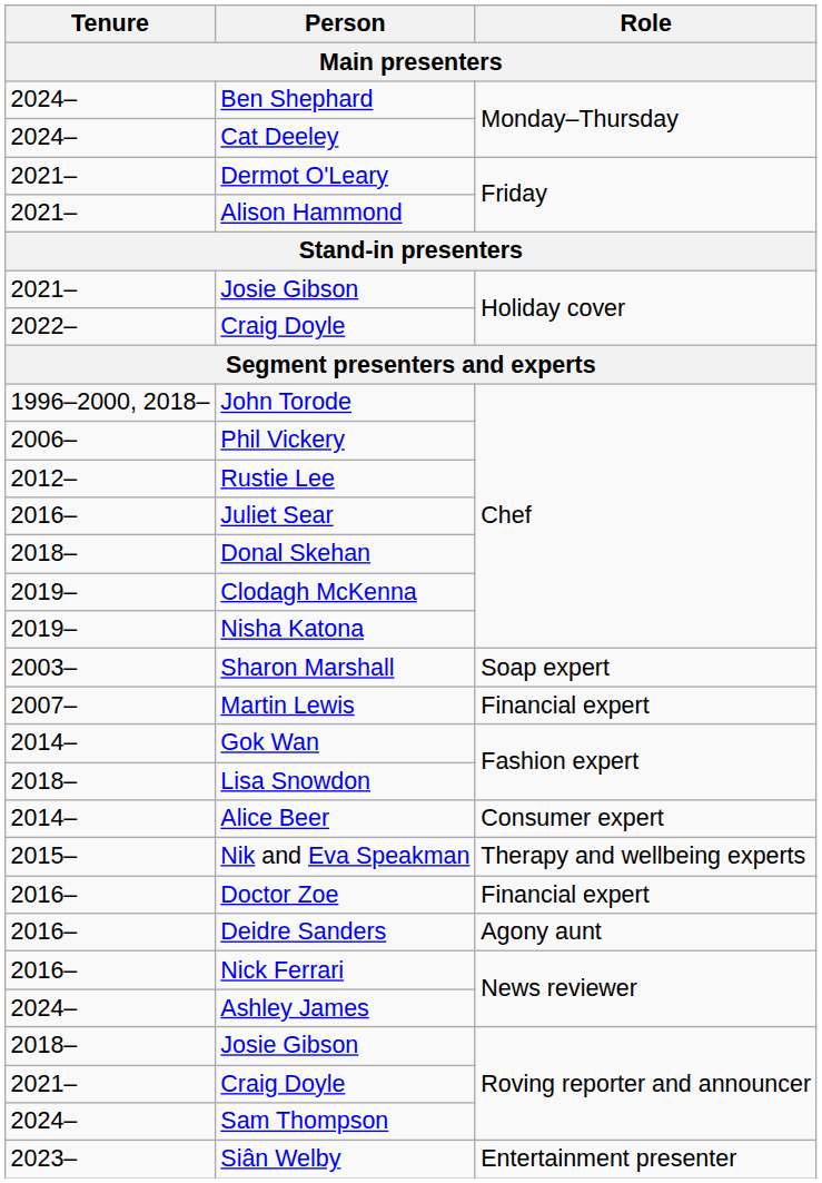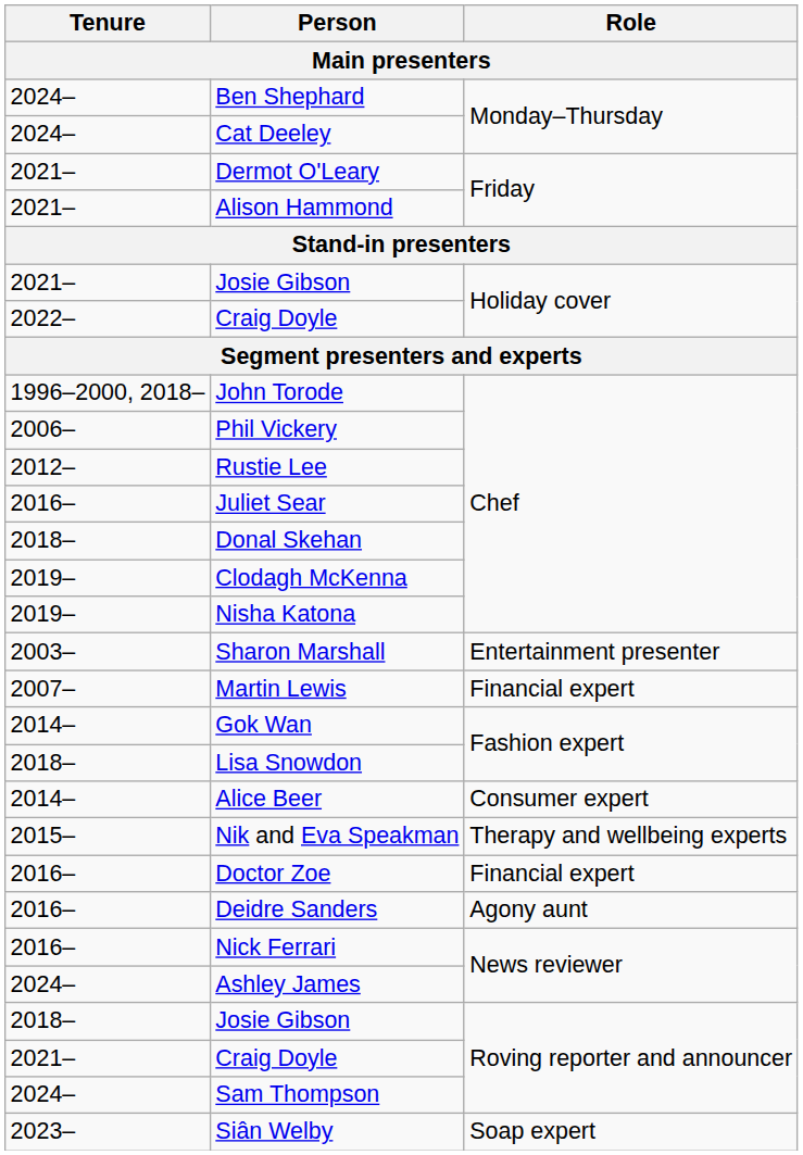 <table class="wikitable">
 <tr>
 <th>Tenure</th>
 <th>Person</th>
 <th>Role</th>
 </tr>
 <tr>
 <th colspan="3">Main presenters</th>
 </tr>
 <tr>
 <td>2024–</td>
 <td><a href='#'>Ben Shephard</a></td>
 <td rowspan="2">Monday–Thursday</td>
 </tr>
 <tr>
 <td>2024–</td>
 <td><a href='#'>Cat Deeley</a></td>
 </tr>
 <tr>
 <td>2021–</td>
 <td><a href='#'>Dermot O'Leary</a></td>
 <td rowspan="2">Friday</td>
 </tr>
 <tr>
 <td>2021–</td>
 <td><a href='#'>Alison Hammond</a></td>
 </tr>
 <tr>
 <th colspan="4">Stand-in presenters</th>
 </tr>
 <tr>
 <td>2021–</td>
 <td><a href='#'>Josie Gibson</a></td>
 <td rowspan="2”">Holiday cover</td>
 </tr>
 <tr>
 <td>2022–</td>
 <td><a href='#'>Craig Doyle</a></td>
 </tr>
 <tr>
 <th colspan="3">Segment presenters and experts</th>
 </tr>
 <tr>
 <td>1996–2000, 2018–</td>
 <td><a href='#'>John Torode</a></td>
 <td rowspan="7">Chef</td>
 </tr>
 <tr>
 <td>2006–</td>
 <td><a href='#'>Phil Vickery</a></td>
 </tr>
 <tr>
 <td>2012–</td>
 <td><a href='#'>Rustie Lee</a></td>
 </tr>
 <tr>
 <td>2016–</td>
 <td><a href='#'>Juliet Sear</a></td>
 </tr>
 <tr>
 <td>2018–</td>
 <td><a href='#'>Donal Skehan</a></td>
 </tr>
 <tr>
 <td>2019–</td>
 <td><a href='#'>Clodagh McKenna</a></td>
 </tr>
 <tr>
 <td>2019–</td>
 <td><a href='#'>Nisha Katona</a></td>
 </tr>
 <tr>
 <td>2003–</td>
 <td><a href='#'>Sharon Marshall</a></td>
-<td>Soap expert</td>
+<td>Entertainment presenter</td>
 </tr>
 <tr>
 <td>2007–</td>
 <td><a href='#'>Martin Lewis</a></td>
 <td>Financial expert</td>
 </tr>
 <tr>
 <td>2014–</td>
 <td><a href='#'>Gok Wan</a></td>
 <td rowspan="2">Fashion expert</td>
 </tr>
 <tr>
 <td>2018–</td>
 <td><a href='#'>Lisa Snowdon</a></td>
 </tr>
 <tr>
 <td>2014–</td>
 <td><a href='#'>Alice Beer</a></td>
 <td>Consumer expert</td>
 </tr>
 <tr>
 <td>2015–</td>
 <td><a href='#'>Nik</a> and <a href='#'>Eva Speakman</a></td>
 <td>Therapy and wellbeing experts</td>
 </tr>
 <tr>
 <td>2016–</td>
 <td><a href='#'>Doctor Zoe</a></td>
 <td>Financial expert</td>
 </tr>
 <tr>
 <td>2016–</td>
 <td><a href='#'>Deidre Sanders</a></td>
 <td>Agony aunt</td>
 </tr>
 <tr>
 <td>2016–</td>
 <td><a href='#'>Nick Ferrari</a></td>
 <td rowspan="2">News reviewer</td>
 </tr>
 <tr>
 <td>2024–</td>
 <td><a href='#'>Ashley James</a></td>
 </tr>
 <tr>
 <td>2018–</td>
 <td><a href='#'>Josie Gibson</a></td>
 <td rowspan="3">Roving reporter and announcer</td>
 </tr>
 <tr>
 <td>2021–</td>
 <td><a href='#'>Craig Doyle</a></td>
 </tr>
 <tr>
 <td>2024–</td>
 <td><a href='#'>Sam Thompson</a></td>
 </tr>
 <tr>
 <td>2023–</td>
 <td><a href='#'>Siân Welby</a></td>
-<td>Entertainment presenter</td>
+<td>Soap expert</td>
 </tr>
 </table>
